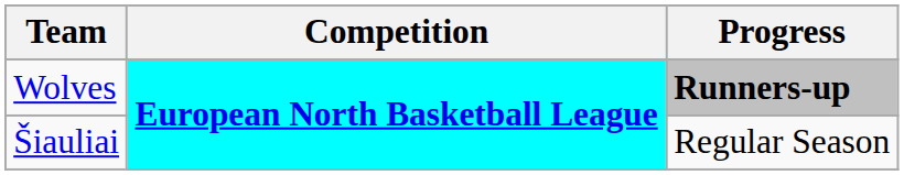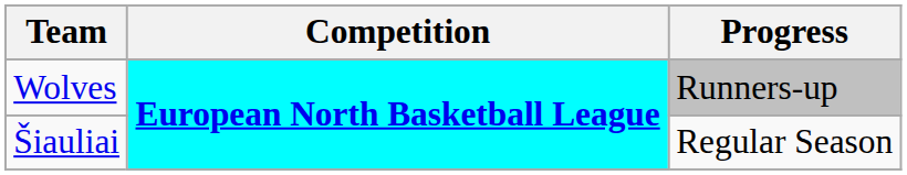 <table class="wikitable sortable">
 <tr>
 <th>Team</th>
 <th>Competition</th>
 <th>Progress</th>
 </tr>
 <tr>
 <td><a href='#'>Wolves</a></td>
 <td rowspan="3" style="background-color:cyan;color:white;text-align:center"><strong><a href='#'><span>European North Basketball League</span></a></strong></td>
-<td style="background:#C0C0C0;text-align:left"><strong>Runners-up</strong></td>
+<td style="background:#C0C0C0;text-align:left">Runners-up</td>
 </tr>
 <tr>
 <td><a href='#'>Šiauliai</a></td>
 <td>Regular Season</td>
 </tr>
 </table>
